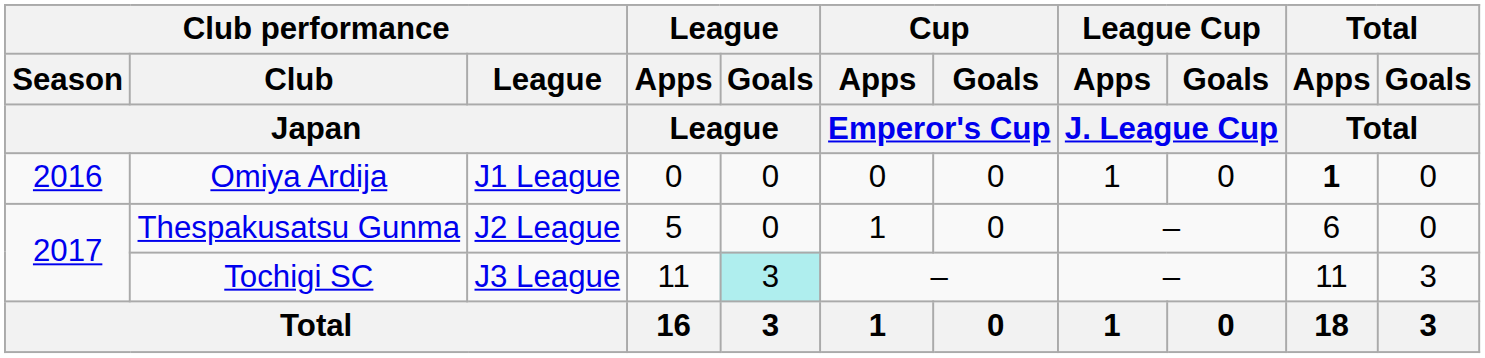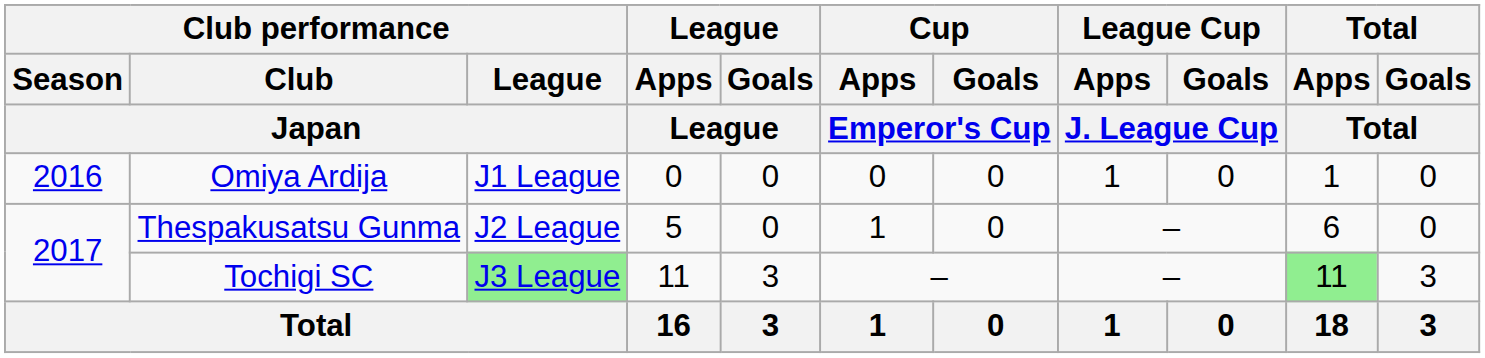 <table class="wikitable" style="text-align:center;">
 <tr>
 <th colspan=3>Club performance</th>
 <th colspan=2>League</th>
 <th colspan=2>Cup</th>
 <th colspan=2>League Cup</th>
 <th colspan=2>Total</th>
 </tr>
 <tr>
 <th>Season</th>
 <th>Club</th>
 <th>League</th>
 <th>Apps</th>
 <th>Goals</th>
 <th>Apps</th>
 <th>Goals</th>
 <th>Apps</th>
 <th>Goals</th>
 <th>Apps</th>
 <th>Goals</th>
 </tr>
 <tr>
 <th colspan=3>Japan</th>
 <th colspan=2>League</th>
 <th colspan=2><a href='#'>Emperor's Cup</a></th>
 <th colspan=2><a href='#'>J. League Cup</a></th>
 <th colspan=2>Total</th>
 </tr>
 <tr>
 <td><a href='#'>2016</a></td>
 <td><a href='#'>Omiya Ardija</a></td>
 <td><a href='#'>J1 League</a></td>
 <td>0</td>
 <td>0</td>
 <td>0</td>
 <td>0</td>
 <td>1</td>
 <td>0</td>
-<td><strong>1</strong></td>
+<td>1</td>
 <td>0</td>
 </tr>
 <tr>
 <td rowspan="2"><a href='#'>2017</a></td>
 <td><a href='#'>Thespakusatsu Gunma</a></td>
 <td><a href='#'>J2 League</a></td>
 <td>5</td>
 <td>0</td>
 <td>1</td>
 <td>0</td>
 <td colspan="2">–</td>
 <td>6</td>
 <td>0</td>
 </tr>
 <tr>
 <td rowspan="1"><a href='#'>Tochigi SC</a></td>
-<td><a href='#'>J3 League</a></td>
+<td style="background: lightgreen;"><a href='#'>J3 League</a></td>
 <td>11</td>
-<td style="background: paleturquoise;">3</td>
+<td>3</td>
 <td colspan="2">–</td>
 <td colspan="2">–</td>
-<td>11</td>
+<td style="background: lightgreen;">11</td>
 <td>3</td>
 </tr>
 <tr>
 <th colspan=3>Total</th>
 <th>16</th>
 <th>3</th>
 <th>1</th>
 <th>0</th>
 <th>1</th>
 <th>0</th>
 <th>18</th>
 <th>3</th>
 </tr>
 </table>
